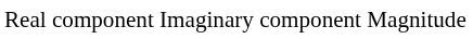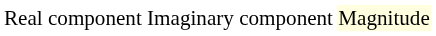 <table style="text-align:center">
 <tr>
 <td></td>
 <td></td>
 <td></td>
 </tr>
 <tr>
 <td>Real component</td>
 <td>Imaginary component</td>
-<td>Magnitude</td>
+<td style="background: lightyellow;">Magnitude</td>
 </tr>
 </table>
